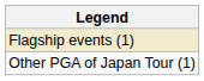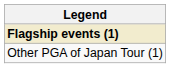 <table class="wikitable" style="font-size:95%;">
 <tr>
 <th>Legend</th>
 </tr>
 <tr style="background:#f2ecce;">
-<td>Flagship events (1)</td>
+<td><strong>Flagship events (1)</strong></td>
 </tr>
 <tr>
 <td>Other PGA of Japan Tour (1)</td>
 </tr>
 </table>
